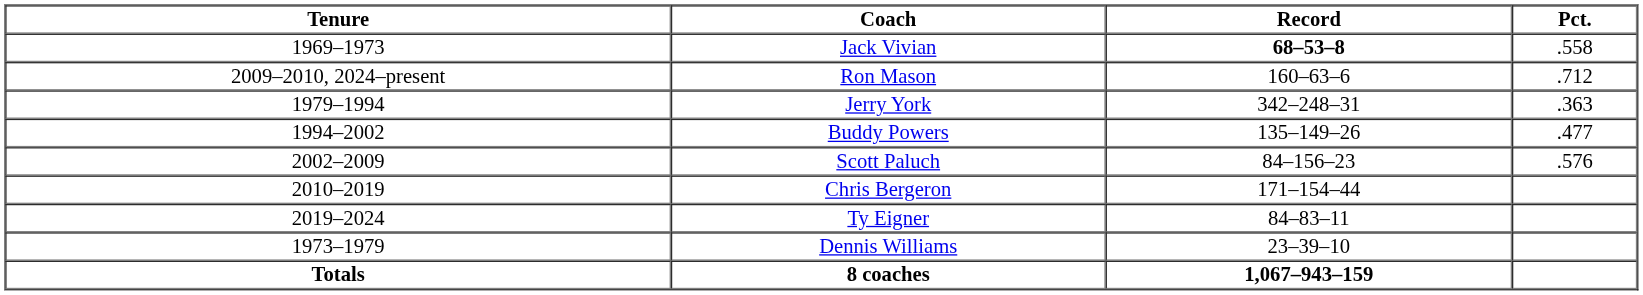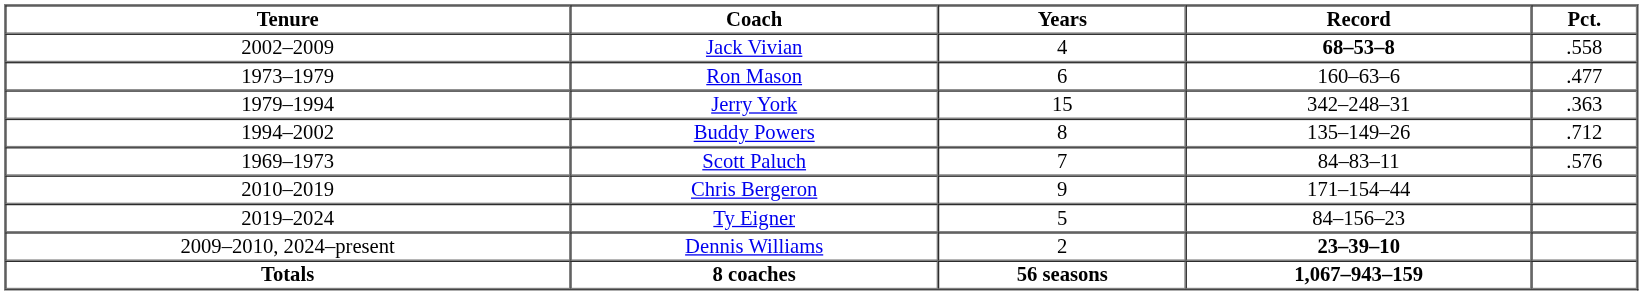 <table cellpadding="1" border="1" cellspacing="0" width="80%">
 <tr>
 <th>Tenure</th>
 <th>Coach</th>
+<th>Years</th>
 <th>Record</th>
 <th>Pct.</th>
 </tr>
 <tr align="center">
-<td>1969–1973</td>
+<td>2002–2009</td>
 <td><a href='#'>Jack Vivian</a></td>
+<td>4</td>
 <td><strong>68–53–8</strong></td>
 <td>.558</td>
 </tr>
 <tr align="center">
-<td>2009–2010, 2024–present</td>
+<td>1973–1979</td>
 <td><a href='#'>Ron Mason</a></td>
+<td>6</td>
 <td>160–63–6</td>
-<td>.712</td>
+<td>.477</td>
 </tr>
 <tr align="center">
 <td>1979–1994</td>
 <td><a href='#'>Jerry York</a></td>
+<td>15</td>
 <td>342–248–31</td>
 <td>.363</td>
 </tr>
 <tr align="center">
 <td>1994–2002</td>
 <td><a href='#'>Buddy Powers</a></td>
+<td>8</td>
 <td>135–149–26</td>
-<td>.477</td>
+<td>.712</td>
 </tr>
 <tr align="center">
-<td>2002–2009</td>
+<td>1969–1973</td>
 <td><a href='#'>Scott Paluch</a></td>
-<td>84–156–23</td>
+<td>7</td>
+<td>84–83–11</td>
 <td>.576</td>
 </tr>
 <tr align="center">
 <td>2010–2019</td>
 <td><a href='#'>Chris Bergeron</a></td>
+<td>9</td>
 <td>171–154–44</td>
 <td></td>
 </tr>
 <tr align="center">
 <td>2019–2024</td>
 <td><a href='#'>Ty Eigner</a></td>
-<td>84–83–11</td>
+<td>5</td>
+<td>84–156–23</td>
 <td></td>
 </tr>
 <tr align="center">
-<td>1973–1979</td>
+<td>2009–2010, 2024–present</td>
 <td><a href='#'>Dennis Williams</a></td>
-<td>23–39–10</td>
+<td>2</td>
+<td><strong>23–39–10</strong></td>
 <td></td>
 </tr>
 <tr align=center>
 <th>Totals</th>
 <th>8 coaches</th>
+<th>56 seasons</th>
 <th>1,067–943–159</th>
 <th></th>
 </tr>
 </table>
